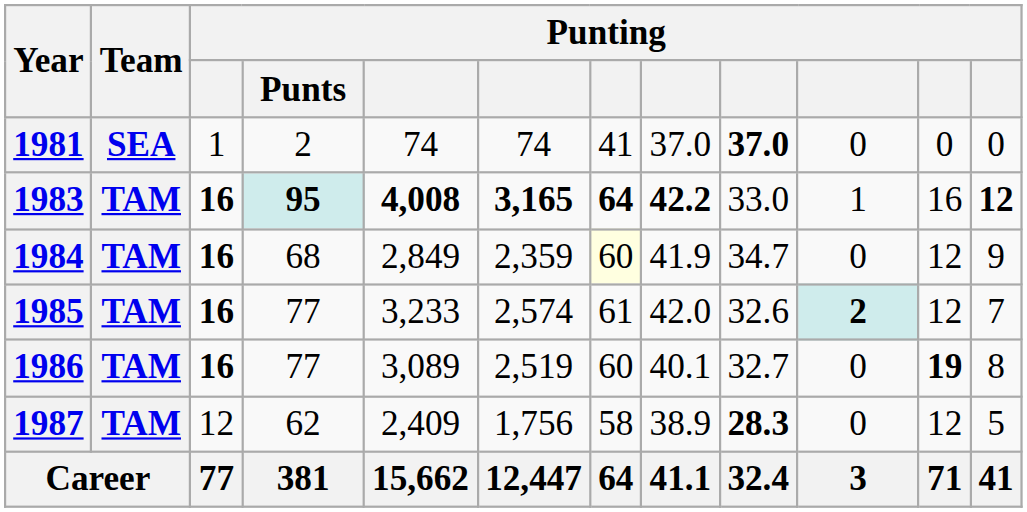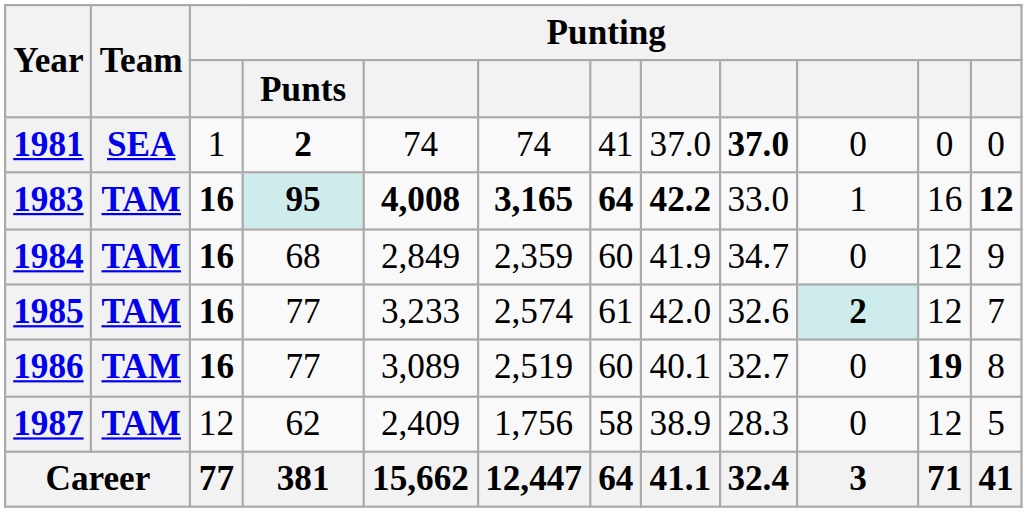 <table class=wikitable style="text-align:center;">
 <tr>
 <th rowspan="2">Year</th>
 <th rowspan="2">Team</th>
 <th colspan="10">Punting</th>
 </tr>
 <tr>
 <th></th>
 <th>Punts</th>
 <th></th>
 <th></th>
 <th></th>
 <th></th>
 <th></th>
 <th></th>
 <th></th>
 <th></th>
 </tr>
 <tr>
 <th><a href='#'>1981</a></th>
 <th><a href='#'>SEA</a></th>
 <td>1</td>
-<td>2</td>
+<td><strong>2</strong></td>
 <td>74</td>
 <td>74</td>
 <td>41</td>
 <td>37.0</td>
 <td><strong>37.0</strong></td>
 <td>0</td>
 <td>0</td>
 <td>0</td>
 </tr>
 <tr>
 <th><a href='#'>1983</a></th>
 <th><a href='#'>TAM</a></th>
 <td><strong>16</strong></td>
 <td style="background:#cfecec; width:3em;"><strong>95</strong></td>
 <td><strong>4,008</strong></td>
 <td><strong>3,165</strong></td>
 <td><strong>64</strong></td>
 <td><strong>42.2</strong></td>
 <td>33.0</td>
 <td>1</td>
 <td>16</td>
 <td><strong>12</strong></td>
 </tr>
 <tr>
 <th><a href='#'>1984</a></th>
 <th><a href='#'>TAM</a></th>
 <td><strong>16</strong></td>
 <td>68</td>
 <td>2,849</td>
 <td>2,359</td>
-<td style="background: lightyellow;">60</td>
+<td>60</td>
 <td>41.9</td>
 <td>34.7</td>
 <td>0</td>
 <td>12</td>
 <td>9</td>
 </tr>
 <tr>
 <th><a href='#'>1985</a></th>
 <th><a href='#'>TAM</a></th>
 <td><strong>16</strong></td>
 <td>77</td>
 <td>3,233</td>
 <td>2,574</td>
 <td>61</td>
 <td>42.0</td>
 <td>32.6</td>
 <td style="background:#cfecec; width:3em;"><strong>2</strong></td>
 <td>12</td>
 <td>7</td>
 </tr>
 <tr>
 <th><a href='#'>1986</a></th>
 <th><a href='#'>TAM</a></th>
 <td><strong>16</strong></td>
 <td>77</td>
 <td>3,089</td>
 <td>2,519</td>
 <td>60</td>
 <td>40.1</td>
 <td>32.7</td>
 <td>0</td>
 <td><strong>19</strong></td>
 <td>8</td>
 </tr>
 <tr>
 <th><a href='#'>1987</a></th>
 <th><a href='#'>TAM</a></th>
 <td>12</td>
 <td>62</td>
 <td>2,409</td>
 <td>1,756</td>
 <td>58</td>
 <td>38.9</td>
-<td><strong>28.3</strong></td>
+<td>28.3</td>
 <td>0</td>
 <td>12</td>
 <td>5</td>
 </tr>
 <tr>
 <th colspan="2">Career</th>
 <th>77</th>
 <th>381</th>
 <th>15,662</th>
 <th>12,447</th>
 <th>64</th>
 <th>41.1</th>
 <th>32.4</th>
 <th>3</th>
 <th>71</th>
 <th>41</th>
 </tr>
 </table>
